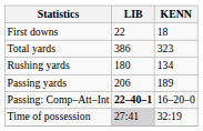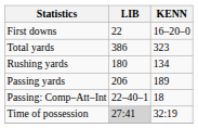 <table class="wikitable" style="float: left;">
 <tr>
 <th>Statistics</th>
 <th>LIB</th>
 <th>KENN</th>
 </tr>
 <tr>
 <td>First downs</td>
 <td>22</td>
-<td>18</td>
+<td>16–20–0</td>
 </tr>
 <tr>
 <td>Total yards</td>
 <td>386</td>
 <td>323</td>
 </tr>
 <tr>
 <td>Rushing yards</td>
 <td>180</td>
 <td>134</td>
 </tr>
 <tr>
 <td>Passing yards</td>
 <td>206</td>
 <td>189</td>
 </tr>
 <tr>
 <td>Passing: Comp–Att–Int</td>
-<td><strong>22–40–1</strong></td>
-<td>16–20–0</td>
+<td>22–40–1</td>
+<td>18</td>
 </tr>
 <tr>
 <td>Time of possession</td>
 <td style="background: lightgrey;">27:41</td>
 <td>32:19</td>
 </tr>
 <tr>
 </tr>
 </table>
